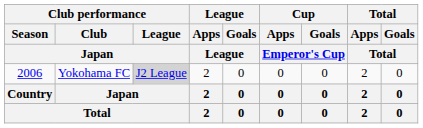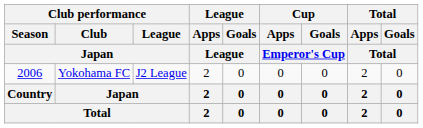 <table class="wikitable" style="text-align:center;">
 <tr>
 <th colspan=3>Club performance</th>
 <th colspan=2>League</th>
 <th colspan=2>Cup</th>
 <th colspan=2>Total</th>
 </tr>
 <tr>
 <th>Season</th>
 <th>Club</th>
 <th>League</th>
 <th>Apps</th>
 <th>Goals</th>
 <th>Apps</th>
 <th>Goals</th>
 <th>Apps</th>
 <th>Goals</th>
 </tr>
 <tr>
 <th colspan=3>Japan</th>
 <th colspan=2>League</th>
 <th colspan=2><a href='#'>Emperor's Cup</a></th>
 <th colspan=2>Total</th>
 </tr>
 <tr>
 <td><a href='#'>2006</a></td>
 <td><a href='#'>Yokohama FC</a></td>
-<td style="background: lightgrey;"><a href='#'>J2 League</a></td>
+<td><a href='#'>J2 League</a></td>
 <td>2</td>
 <td>0</td>
 <td>0</td>
 <td>0</td>
 <td>2</td>
 <td>0</td>
 </tr>
 <tr>
 <th rowspan=1>Country</th>
 <th colspan=2>Japan</th>
 <th>2</th>
 <th>0</th>
 <th>0</th>
 <th>0</th>
 <th>2</th>
 <th>0</th>
 </tr>
 <tr>
 <th colspan=3>Total</th>
 <th>2</th>
 <th>0</th>
 <th>0</th>
 <th>0</th>
 <th>2</th>
 <th>0</th>
 </tr>
 </table>
